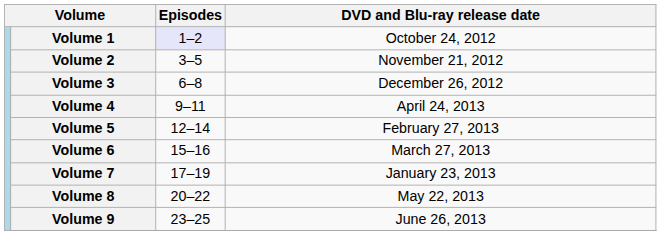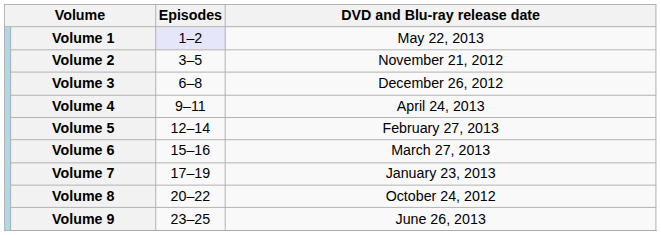 <table class="wikitable" style="text-align: center; width: 58%;">
 <tr>
 <th scope="column" colspan="2">Volume</th>
 <th scope="column" width="5%">Episodes</th>
 <th scope="column">DVD and Blu-ray release date</th>
 </tr>
 <tr>
 <td rowspan="13" width="1%" style="background: #ADD8E6;"></td>
 <th scope="row">Volume 1</th>
 <td style="background: lavender;">1–2</td>
-<td>October 24, 2012</td>
+<td>May 22, 2013</td>
 </tr>
 <tr>
 <th scope="row">Volume 2</th>
 <td>3–5</td>
 <td>November 21, 2012</td>
 </tr>
 <tr>
 <th scope="row">Volume 3</th>
 <td>6–8</td>
 <td>December 26, 2012</td>
 </tr>
 <tr>
 <th scope="row">Volume 4</th>
 <td>9–11</td>
 <td>April 24, 2013</td>
 </tr>
 <tr>
 <th scope="row">Volume 5</th>
 <td>12–14</td>
 <td>February 27, 2013</td>
 </tr>
 <tr>
 <th scope="row">Volume 6</th>
 <td>15–16</td>
 <td>March 27, 2013</td>
 </tr>
 <tr>
 <th scope="row">Volume 7</th>
 <td>17–19</td>
 <td>January 23, 2013</td>
 </tr>
 <tr>
 <th scope="row">Volume 8</th>
 <td>20–22</td>
-<td>May 22, 2013</td>
+<td>October 24, 2012</td>
 </tr>
 <tr>
 <th scope="row">Volume 9</th>
 <td>23–25</td>
 <td>June 26, 2013</td>
 </tr>
 <tr>
 </tr>
 </table>
